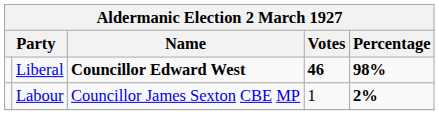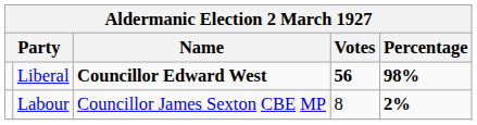 <table class="wikitable">
 <tr>
 <th colspan="5"><strong>Aldermanic Election 2 March 1927</strong></th>
 </tr>
 <tr>
 <th colspan="2">Party</th>
 <th>Name</th>
 <th>Votes</th>
 <th>Percentage</th>
 </tr>
 <tr>
 <td style="background-color:"></td>
 <td><a href='#'>Liberal</a></td>
 <td><strong>Councillor Edward West</strong></td>
-<td><strong>46</strong></td>
+<td><strong>56</strong></td>
 <td><strong>98%</strong></td>
 </tr>
 <tr>
 <td style="background-color:"></td>
 <td><a href='#'>Labour</a></td>
 <td><a href='#'>Councillor James Sexton</a> <a href='#'>CBE</a> <a href='#'>MP</a></td>
-<td>1</td>
+<td>8</td>
 <td><strong>2%</strong></td>
 </tr>
 <tr>
 </tr>
 </table>
